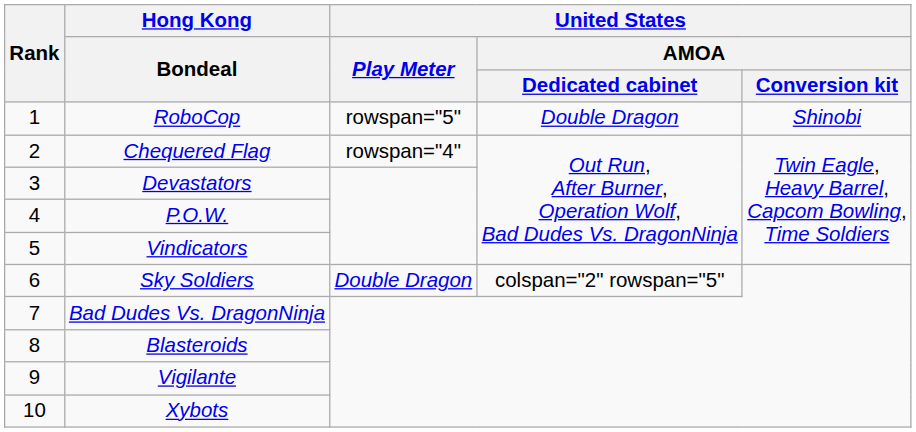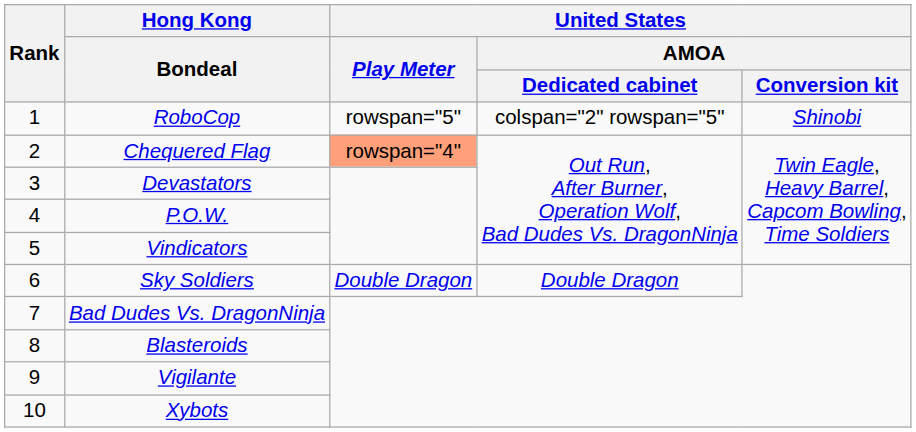 <table class="wikitable sortable" style="text-align:center">
 <tr>
 <th rowspan="3">Rank</th>
 <th><a href='#'>Hong Kong</a></th>
 <th colspan="3"><a href='#'>United States</a></th>
 </tr>
 <tr>
 <th rowspan="2">Bondeal</th>
 <th rowspan="2"><em><a href='#'>Play Meter</a></em></th>
 <th colspan="2">AMOA</th>
 </tr>
 <tr>
 <th><a href='#'>Dedicated cabinet</a></th>
 <th><a href='#'>Conversion kit</a></th>
 </tr>
 <tr>
 <td>1</td>
 <td><em><a href='#'>RoboCop</a></em></td>
 <td>rowspan="5" </td>
-<td><em><a href='#'>Double Dragon</a></em></td>
+<td>colspan="2" rowspan="5" </td>
 <td><em><a href='#'>Shinobi</a></em></td>
 </tr>
 <tr>
 <td>2</td>
 <td><em><a href='#'>Chequered Flag</a></em></td>
-<td>rowspan="4" </td>
+<td style="background: lightsalmon;">rowspan="4" </td>
 <td rowspan="4"><em><a href='#'>Out Run</a></em>, <br> <em><a href='#'>After Burner</a></em>, <br> <em><a href='#'>Operation Wolf</a></em>, <br> <em><a href='#'>Bad Dudes Vs. DragonNinja</a></em></td>
 <td rowspan="4"><em><a href='#'>Twin Eagle</a></em>, <br> <em><a href='#'>Heavy Barrel</a></em>, <br> <em><a href='#'>Capcom Bowling</a></em>, <br> <em><a href='#'>Time Soldiers</a></em></td>
 </tr>
 <tr>
 <td>3</td>
 <td><em><a href='#'>Devastators</a></em></td>
 </tr>
 <tr>
 <td>4</td>
 <td><em><a href='#'>P.O.W.</a></em></td>
 </tr>
 <tr>
 <td>5</td>
 <td><em><a href='#'>Vindicators</a></em></td>
 </tr>
 <tr>
 <td>6</td>
 <td><em><a href='#'>Sky Soldiers</a></em></td>
 <td><em><a href='#'>Double Dragon</a></em></td>
-<td>colspan="2" rowspan="5" </td>
+<td><em><a href='#'>Double Dragon</a></em></td>
 </tr>
 <tr>
 <td>7</td>
 <td><em><a href='#'>Bad Dudes Vs. DragonNinja</a></em></td>
 </tr>
 <tr>
 <td>8</td>
 <td><em><a href='#'>Blasteroids</a></em></td>
 </tr>
 <tr>
 <td>9</td>
 <td><em><a href='#'>Vigilante</a></em></td>
 </tr>
 <tr>
 <td>10</td>
 <td><em><a href='#'>Xybots</a></em></td>
 </tr>
 </table>
